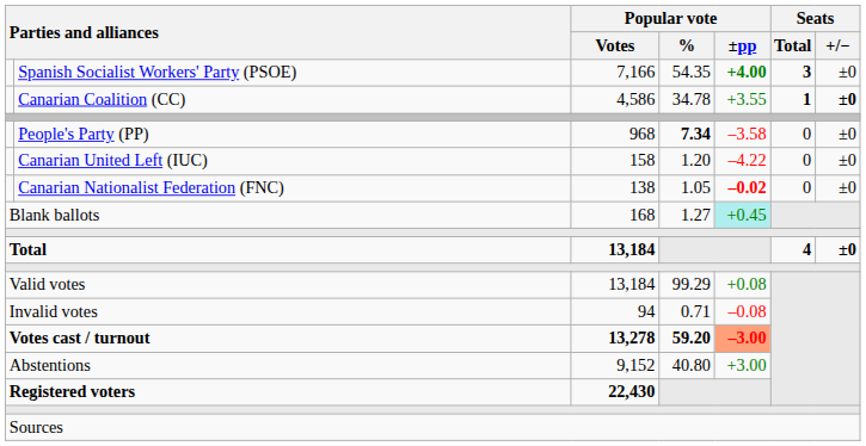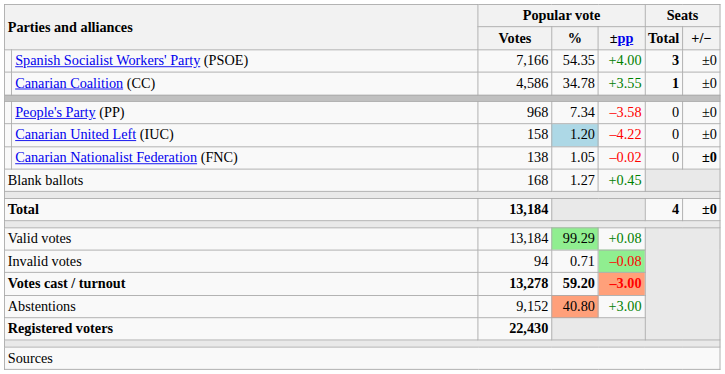 <table class="wikitable" style="text-align:right;">
 <tr>
 <th style="text-align:left;" rowspan="2" colspan="2" width="525">Parties and alliances</th>
 <th colspan="3">Popular vote</th>
 <th colspan="2">Seats</th>
 </tr>
 <tr>
 <th width="75">Votes</th>
 <th width="45">%</th>
 <th width="45">±<a href='#'>pp</a></th>
 <th width="35">Total</th>
 <th width="35">+/−</th>
 </tr>
 <tr>
 <td width="1" style="color:inherit;background:"></td>
 <td align="left"><a href='#'>Spanish Socialist Workers' Party</a> (PSOE)</td>
 <td>7,166</td>
 <td>54.35</td>
-<td style="color:green;"><strong>+4.00</strong></td>
+<td style="color:green;">+4.00</td>
 <td><strong>3</strong></td>
 <td>±0</td>
 </tr>
 <tr>
 <td style="color:inherit;background:"></td>
 <td align="left"><a href='#'>Canarian Coalition</a> (CC)</td>
 <td>4,586</td>
 <td>34.78</td>
 <td style="color:green;">+3.55</td>
 <td><strong>1</strong></td>
-<td><strong>±0</strong></td>
+<td>±0</td>
 </tr>
 <tr>
 <td colspan="7" bgcolor="#C0C0C0"></td>
 </tr>
 <tr>
 <td style="color:inherit;background:"></td>
 <td align="left"><a href='#'>People's Party</a> (PP)</td>
 <td>968</td>
-<td><strong>7.34</strong></td>
+<td>7.34</td>
 <td style="color:red;">–3.58</td>
 <td>0</td>
 <td>±0</td>
 </tr>
 <tr>
 <td style="color:inherit;background:"></td>
 <td align="left"><a href='#'>Canarian United Left</a> (IUC)</td>
 <td>158</td>
-<td>1.20</td>
+<td style="background: lightblue;">1.20</td>
 <td style="color:red;">–4.22</td>
 <td>0</td>
 <td>±0</td>
 </tr>
 <tr>
 <td style="color:inherit;background:"></td>
 <td align="left"><a href='#'>Canarian Nationalist Federation</a> (FNC)</td>
 <td>138</td>
 <td>1.05</td>
-<td style="color:red;"><strong>–0.02</strong></td>
+<td style="color:red;">–0.02</td>
 <td>0</td>
-<td>±0</td>
+<td><strong>±0</strong></td>
 </tr>
 <tr>
 <td align="left" colspan="2">Blank ballots</td>
 <td>168</td>
 <td>1.27</td>
-<td style="background: paleturquoise; color:green;">+0.45</td>
+<td style="color:green;">+0.45</td>
 <td bgcolor="#E9E9E9" colspan="2"></td>
 </tr>
 <tr>
 <td colspan="7" bgcolor="#E9E9E9"></td>
 </tr>
 <tr style="font-weight:bold;">
 <td align="left" colspan="2">Total</td>
 <td>13,184</td>
 <td bgcolor="#E9E9E9" colspan="2"></td>
 <td>4</td>
 <td>±0</td>
 </tr>
 <tr>
 <td colspan="7" bgcolor="#E9E9E9"></td>
 </tr>
 <tr>
 <td align="left" colspan="2">Valid votes</td>
 <td>13,184</td>
-<td>99.29</td>
+<td style="background: lightgreen;">99.29</td>
 <td style="color:green;">+0.08</td>
 <td bgcolor="#E9E9E9" colspan="2" rowspan="5"></td>
 </tr>
 <tr>
 <td align="left" colspan="2">Invalid votes</td>
 <td>94</td>
 <td>0.71</td>
-<td style="color:red;">–0.08</td>
+<td style="background: lightgreen; color:red;">–0.08</td>
 </tr>
 <tr style="font-weight:bold;">
 <td align="left" colspan="2">Votes cast / turnout</td>
 <td>13,278</td>
 <td>59.20</td>
 <td style="background: lightsalmon; color:red;">–3.00</td>
 </tr>
 <tr>
 <td align="left" colspan="2">Abstentions</td>
 <td>9,152</td>
-<td>40.80</td>
+<td style="background: lightsalmon;">40.80</td>
 <td style="color:green;">+3.00</td>
 </tr>
 <tr style="font-weight:bold;">
 <td align="left" colspan="2">Registered voters</td>
 <td>22,430</td>
 <td bgcolor="#E9E9E9" colspan="2"></td>
 </tr>
 <tr>
 <td colspan="7" bgcolor="#E9E9E9"></td>
 </tr>
 <tr>
 <td align="left" colspan="7">Sources</td>
 </tr>
 </table>
